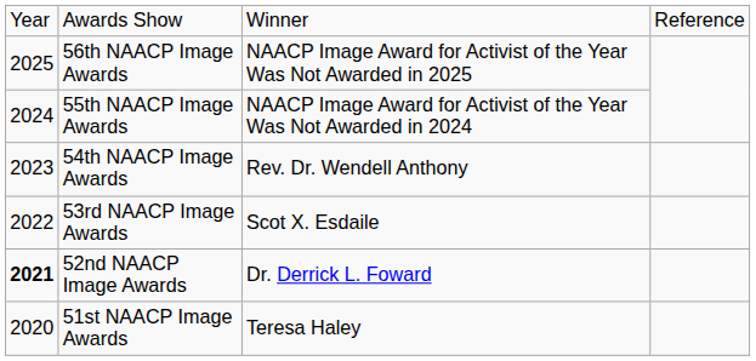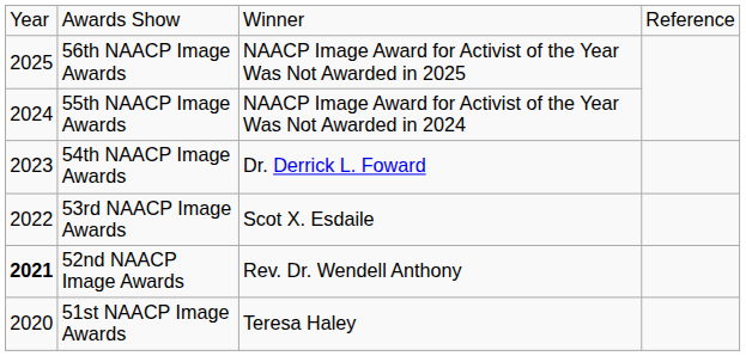 <table class="wikitable">
 <tr>
 <td>Year</td>
 <td>Awards Show</td>
 <td>Winner</td>
 <td>Reference</td>
 </tr>
 <tr>
 <td>2025</td>
 <td>56th NAACP Image Awards</td>
 <td>NAACP Image Award for Activist of the Year Was Not Awarded in 2025</td>
 </tr>
 <tr>
 <td>2024</td>
 <td>55th NAACP Image Awards</td>
 <td>NAACP Image Award for Activist of the Year Was Not Awarded in 2024</td>
 </tr>
 <tr>
 <td>2023</td>
 <td>54th NAACP Image Awards</td>
-<td>Rev. Dr. Wendell Anthony</td>
+<td>Dr. <a href='#'>Derrick L. Foward</a></td>
 <td></td>
 </tr>
 <tr>
 <td>2022</td>
 <td>53rd NAACP Image Awards</td>
 <td>Scot X. Esdaile</td>
 <td></td>
 </tr>
 <tr>
 <td><strong>2021</strong></td>
 <td>52nd NAACP Image Awards</td>
-<td>Dr. <a href='#'>Derrick L. Foward</a></td>
+<td>Rev. Dr. Wendell Anthony</td>
 <td></td>
 </tr>
 <tr>
 <td>2020</td>
 <td>51st NAACP Image Awards</td>
 <td>Teresa Haley</td>
 <td></td>
 </tr>
 </table>
